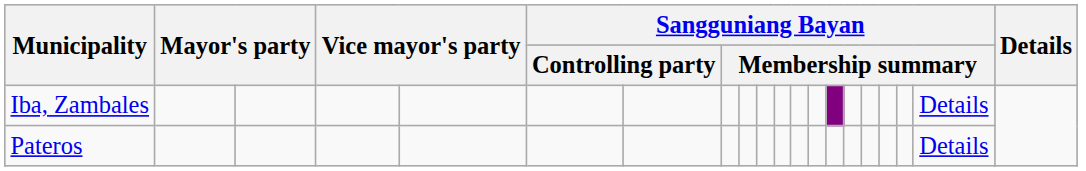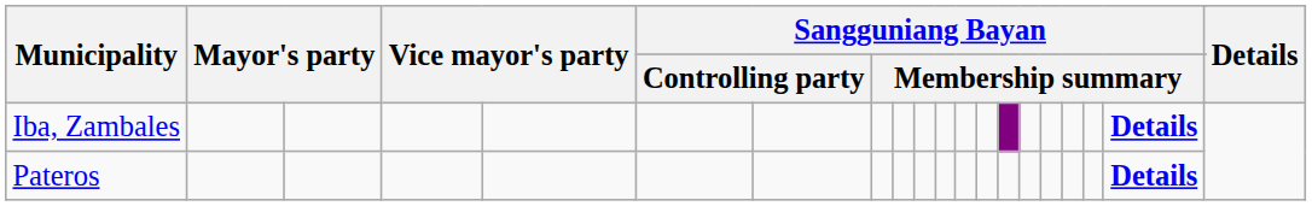 <table class="wikitable" style="font-size:95%;">
 <tr>
 <th rowspan="2">Municipality</th>
 <th colspan="2" rowspan="2">Mayor's party</th>
 <th colspan="2" rowspan="2">Vice mayor's party</th>
 <th colspan="16"><a href='#'>Sangguniang Bayan</a></th>
 <th rowspan="2">Details</th>
 </tr>
 <tr>
 <th colspan="2">Controlling party</th>
 <th colspan="14">Membership summary</th>
 </tr>
 <tr>
 <td><a href='#'>Iba, Zambales</a></td>
 <td></td>
 <td></td>
 <td></td>
 <td> </td>
 <td> </td>
 <td> </td>
 <td> </td>
 <td> </td>
 <td> </td>
 <td> </td>
 <td> </td>
 <td> </td>
 <td bgcolor="purple"> </td>
 <td> </td>
 <td> </td>
 <td> </td>
 <td> </td>
-<td><a href='#'>Details</a></td>
+<td><strong><a href='#'>Details</a></strong></td>
 </tr>
 <tr>
 <td><a href='#'>Pateros</a></td>
 <td></td>
 <td></td>
 <td></td>
 <td style="color:inherit;background:"></td>
 <td style="color:inherit;background:"></td>
 <td style="color:inherit;background:"></td>
 <td style="color:inherit;background:"></td>
 <td style="color:inherit;background:"></td>
 <td style="color:inherit;background:"></td>
 <td style="color:inherit;background:"></td>
 <td style="color:inherit;background:"></td>
 <td style="color:inherit;background:"></td>
 <td style="color:inherit;background:"></td>
 <td style="color:inherit;background:"></td>
 <td style="color:inherit;background:"></td>
 <td style="color:inherit;background:"></td>
 <td style="color:inherit;background:"></td>
-<td><a href='#'>Details</a></td>
+<td><strong><a href='#'>Details</a></strong></td>
 </tr>
 </table>
